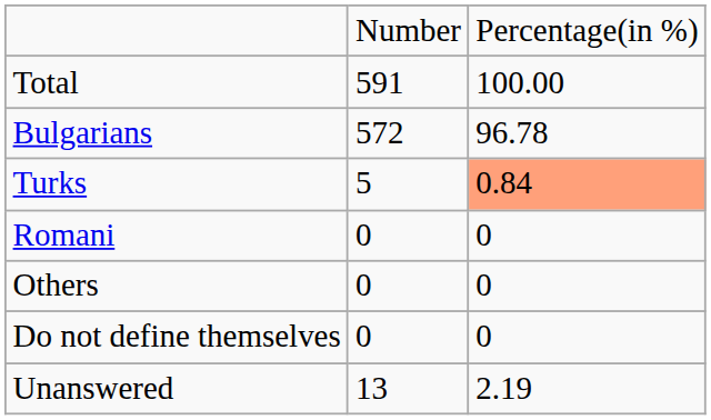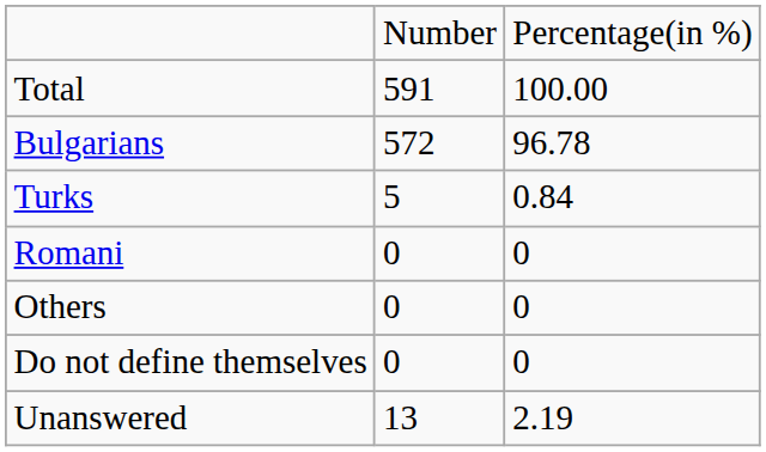 <table class="wikitable">
 <tr>
 <td></td>
 <td>Number</td>
 <td>Percentage(in %)</td>
 </tr>
 <tr>
 <td>Total</td>
 <td>591</td>
 <td>100.00</td>
 </tr>
 <tr>
 <td><a href='#'>Bulgarians</a></td>
 <td>572</td>
 <td>96.78</td>
 </tr>
 <tr>
 <td><a href='#'>Turks</a></td>
 <td>5</td>
-<td style="background: lightsalmon;">0.84</td>
+<td>0.84</td>
 </tr>
 <tr>
 <td><a href='#'>Romani</a></td>
 <td>0</td>
 <td>0</td>
 </tr>
 <tr>
 <td>Others</td>
 <td>0</td>
 <td>0</td>
 </tr>
 <tr>
 <td>Do not define themselves</td>
 <td>0</td>
 <td>0</td>
 </tr>
 <tr>
 <td>Unanswered</td>
 <td>13</td>
 <td>2.19</td>
 </tr>
 </table>
